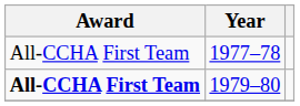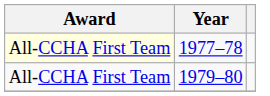 <table class="wikitable">
 <tr>
 <th>Award</th>
 <th>Year</th>
 <th></th>
 </tr>
 <tr>
-<td>All-<a href='#'>CCHA</a> <a href='#'>First Team</a></td>
+<td style="background: lightyellow;">All-<a href='#'>CCHA</a> <a href='#'>First Team</a></td>
 <td><a href='#'>1977–78</a></td>
 <td></td>
 </tr>
 <tr>
-<td><strong>All-<a href='#'>CCHA</a> <a href='#'>First Team</a></strong></td>
+<td>All-<a href='#'>CCHA</a> <a href='#'>First Team</a></td>
 <td><a href='#'>1979–80</a></td>
 <td></td>
 </tr>
 <tr>
 </tr>
 </table>
